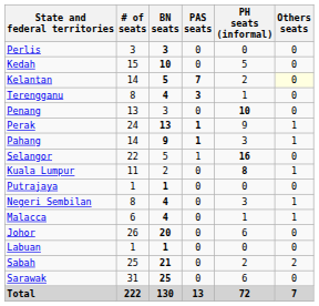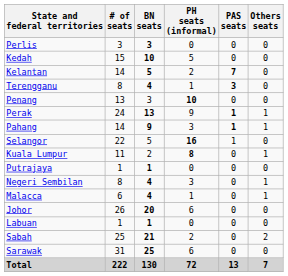 <table class="wikitable sortable" style="text-align:center">
 <tr>
 <th>State and<br>federal territories</th>
 <th># of<br>seats</th>
 <th>BN<br>seats</th>
+<th>PH<br>seats<br>(informal)</th>
 <th>PAS<br>seats</th>
-<th>PH<br>seats<br>(informal)</th>
 <th>Others<br>seats</th>
 </tr>
 <tr>
 <td style="text-align:left"> <a href='#'>Perlis</a></td>
 <td>3</td>
 <td><strong>3</strong></td>
 <td>0</td>
 <td>0</td>
 <td>0</td>
 </tr>
 <tr>
 <td style="text-align:left"> <a href='#'>Kedah</a></td>
 <td>15</td>
 <td><strong>10</strong></td>
+<td>5</td>
 <td>0</td>
-<td>5</td>
 <td>0</td>
 </tr>
 <tr>
 <td style="text-align:left"> <a href='#'>Kelantan</a></td>
 <td>14</td>
 <td><strong>5</strong></td>
+<td>2</td>
 <td><strong>7</strong></td>
-<td>2</td>
-<td style="background: lightyellow;">0</td>
+<td>0</td>
 </tr>
 <tr>
 <td style="text-align:left"> <a href='#'>Terengganu</a></td>
 <td>8</td>
 <td><strong>4</strong></td>
+<td>1</td>
 <td><strong>3</strong></td>
-<td>1</td>
 <td>0</td>
 </tr>
 <tr>
 <td style="text-align:left"> <a href='#'>Penang</a></td>
 <td>13</td>
 <td>3</td>
+<td><strong>10</strong></td>
 <td>0</td>
-<td><strong>10</strong></td>
 <td>0</td>
 </tr>
 <tr>
 <td style="text-align:left"> <a href='#'>Perak</a></td>
 <td>24</td>
 <td><strong>13</strong></td>
+<td>9</td>
 <td><strong>1</strong></td>
-<td>9</td>
 <td>1 <small></small></td>
 </tr>
 <tr>
 <td style="text-align:left"> <a href='#'>Pahang</a></td>
 <td>14</td>
 <td><strong>9</strong></td>
+<td>3</td>
 <td><strong>1</strong></td>
-<td>3</td>
 <td>1 <small></small></td>
 </tr>
 <tr>
 <td style="text-align:left"> <a href='#'>Selangor</a></td>
 <td>22</td>
 <td>5</td>
+<td><strong>16</strong></td>
 <td>1</td>
-<td><strong>16</strong></td>
 <td>0</td>
 </tr>
 <tr>
 <td style="text-align:left"> <a href='#'>Kuala Lumpur</a></td>
 <td>11</td>
 <td>2</td>
+<td><strong>8</strong></td>
 <td>0</td>
-<td><strong>8</strong></td>
 <td>1 <small></small></td>
 </tr>
 <tr>
 <td style="text-align:left"> <a href='#'>Putrajaya</a></td>
 <td>1</td>
 <td><strong>1</strong></td>
 <td>0</td>
 <td>0</td>
 <td>0</td>
 </tr>
 <tr>
 <td style="text-align:left"> <a href='#'>Negeri Sembilan</a></td>
 <td>8</td>
 <td><strong>4</strong></td>
+<td>3</td>
 <td>0</td>
-<td>3</td>
 <td>1 <small></small></td>
 </tr>
 <tr>
 <td style="text-align:left"> <a href='#'>Malacca</a></td>
 <td>6</td>
 <td><strong>4</strong></td>
+<td>1</td>
 <td>0</td>
-<td>1</td>
 <td>1 <small></small></td>
 </tr>
 <tr>
 <td style="text-align:left"> <a href='#'>Johor</a></td>
 <td>26</td>
 <td><strong>20</strong></td>
+<td>6</td>
 <td>0</td>
-<td>6</td>
 <td>0</td>
 </tr>
 <tr>
 <td style="text-align:left"> <a href='#'>Labuan</a></td>
 <td>1</td>
 <td><strong>1</strong></td>
 <td>0</td>
 <td>0</td>
 <td>0</td>
 </tr>
 <tr>
 <td style="text-align:left"> <a href='#'>Sabah</a></td>
 <td>25</td>
 <td><strong>21</strong></td>
+<td>2</td>
 <td>0</td>
-<td>2</td>
 <td>2 <small></small></td>
 </tr>
 <tr>
 <td style="text-align:left"> <a href='#'>Sarawak</a></td>
 <td>31</td>
 <td><strong>25</strong></td>
+<td>6</td>
 <td>0</td>
-<td>6</td>
 <td>0</td>
 </tr>
 <tr class="sortbottom" bgcolor="lightgrey">
 <td style="text-align:left"><strong>Total</strong></td>
 <td><strong>222</strong></td>
 <td><span><strong>130</strong></span></td>
+<td><span><strong>72</strong></span></td>
 <td><span><strong>13</strong></span></td>
-<td><span><strong>72</strong></span></td>
 <td><span><strong>7</strong></span></td>
 </tr>
 </table>
